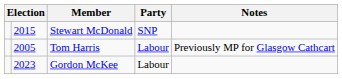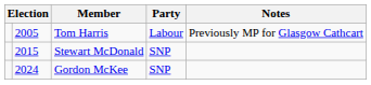 <table class="wikitable">
 <tr>
 <th colspan="2" scope="col">Election</th>
 <th scope="col">Member</th>
 <th scope="col">Party</th>
 <th scope="col">Notes</th>
+</tr>
+<tr>
+<td style="color:inherit;background-color: "></td>
+<td><a href='#'>2005</a></td>
+<td><a href='#'>Tom Harris</a></td>
+<td><a href='#'>Labour</a></td>
+<td>Previously MP for <a href='#'>Glasgow Cathcart</a></td>
 </tr>
 <tr>
 <td style="color:inherit;background-color: "></td>
 <td><a href='#'>2015</a></td>
 <td><a href='#'>Stewart McDonald</a></td>
 <td><a href='#'>SNP</a></td>
 <td></td>
 </tr>
 <tr>
 <td style="color:inherit;background-color: "></td>
-<td><a href='#'>2005</a></td>
-<td><a href='#'>Tom Harris</a></td>
-<td><a href='#'>Labour</a></td>
-<td>Previously MP for <a href='#'>Glasgow Cathcart</a></td>
-</tr>
-<tr>
-<td style="color:inherit;background-color: "></td>
-<td><a href='#'>2023</a></td>
+<td><a href='#'>2024</a></td>
 <td><a href='#'>Gordon McKee</a></td>
-<td>Labour</td>
+<td><a href='#'>SNP</a></td>
 <td></td>
 </tr>
 </table>
